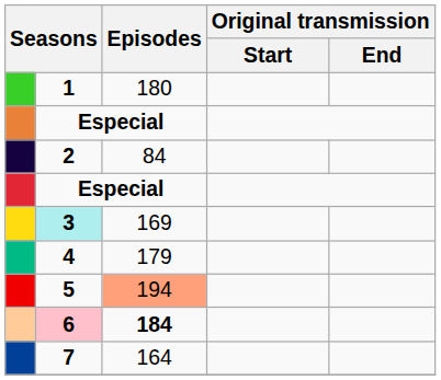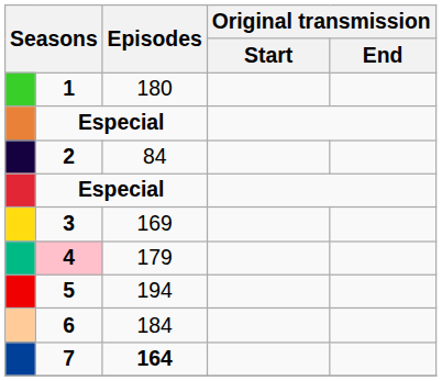 <table class="wikitable plainrowheaders" style="text-align:center;">
 <tr>
 <th colspan="2" rowspan="2">Seasons</th>
 <th rowspan="2">Episodes</th>
 <th colspan="2">Original transmission </th>
 </tr>
 <tr>
 <th scope="col">Start</th>
 <th scope="col">End</th>
 </tr>
 <tr>
 <td scope="row" style="background:#38CF28; color:#100; text-align:center;"></td>
 <td align="center"><strong>1</strong></td>
 <td align="center">180</td>
 <td align="center"></td>
 <td align="center"></td>
 </tr>
 <tr>
 <td scope="row" style="background:#E98238; color:#100;"></td>
 <td colspan="2"><strong>Especial</strong></td>
 <td colspan="2"></td>
 </tr>
 <tr>
 <td height="10" bgcolor="#150040"></td>
 <td align="center"><strong>2</strong></td>
 <td align="center">84</td>
 <td align="center"></td>
 <td align="center"></td>
 </tr>
 <tr>
 <td height="10" bgcolor="#E32636"></td>
 <td colspan="2"><strong>Especial</strong></td>
 <td colspan="2"></td>
 </tr>
 <tr>
 <td scope="row" style="background:#FFDC10; color:#100; text-align:center;"></td>
-<td align="center" style="background: paleturquoise;"><strong>3</strong></td>
+<td align="center"><strong>3</strong></td>
 <td align="center">169</td>
 <td align="center"></td>
 <td align="center"></td>
 </tr>
 <tr>
 <td height="10" bgcolor="#00ba85"></td>
-<td><strong>4</strong></td>
+<td style="background: pink;"><strong>4</strong></td>
 <td>179</td>
 <td></td>
 <td></td>
 </tr>
 <tr>
 <td bgcolor="#FZ0000" height="10px"></td>
 <td><strong>5</strong></td>
-<td style="background: lightsalmon;">194</td>
+<td>194</td>
 <td></td>
 <td></td>
 </tr>
 <tr>
 <td bgcolor="#FFcc99" height="10px"></td>
-<td style="background: pink;"><strong>6</strong></td>
-<td><strong>184</strong></td>
+<td><strong>6</strong></td>
+<td>184</td>
 <td></td>
 <td></td>
 </tr>
 <tr>
 <td scope="row" style="background:#004099; color:#100; text-align:center;"></td>
 <td><strong>7</strong></td>
-<td>164</td>
+<td><strong>164</strong></td>
 <td></td>
 <td></td>
 </tr>
 <tr>
 </tr>
 </table>
